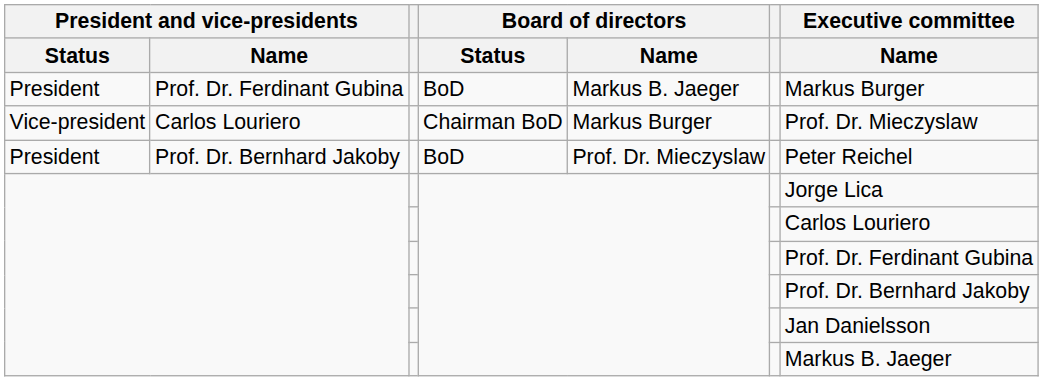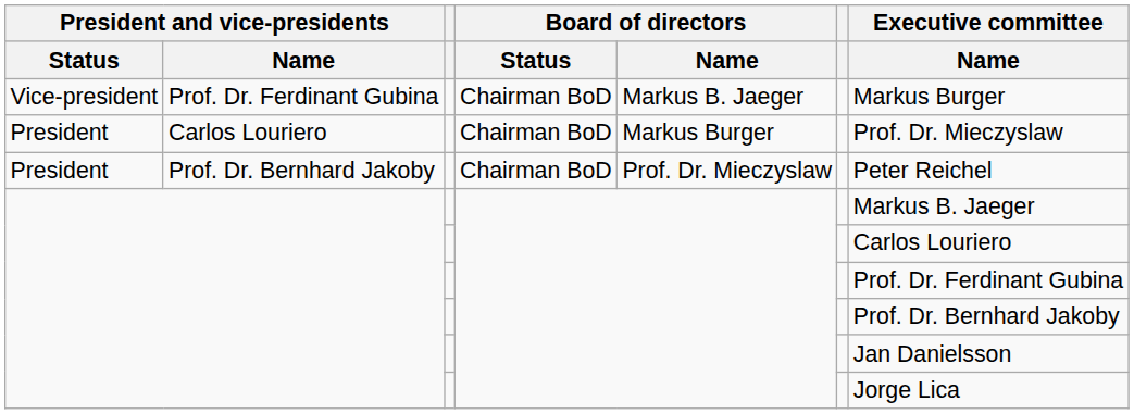 <table class="wikitable">
 <tr>
 <th colspan="2">President and vice-presidents</th>
 <th></th>
 <th colspan="2">Board of directors</th>
 <th></th>
 <th>Executive committee</th>
 </tr>
 <tr>
 <th>Status</th>
 <th>Name</th>
 <th></th>
 <th>Status</th>
 <th>Name</th>
 <th></th>
 <th>Name</th>
 </tr>
 <tr>
-<td>President</td>
+<td>Vice-president</td>
 <td>Prof. Dr. Ferdinant Gubina</td>
 <td></td>
-<td>BoD</td>
+<td>Chairman BoD</td>
 <td>Markus B. Jaeger</td>
 <td></td>
 <td>Markus Burger</td>
 </tr>
 <tr>
-<td>Vice-president</td>
+<td>President</td>
 <td>Carlos Louriero</td>
 <td></td>
 <td>Chairman BoD</td>
 <td>Markus Burger</td>
 <td></td>
 <td>Prof. Dr. Mieczyslaw</td>
 </tr>
 <tr>
 <td>President</td>
 <td>Prof. Dr. Bernhard Jakoby</td>
 <td></td>
-<td>BoD</td>
+<td>Chairman BoD</td>
 <td>Prof. Dr. Mieczyslaw</td>
 <td></td>
 <td>Peter Reichel</td>
 </tr>
 <tr>
 <td colspan="2" rowspan="6"></td>
 <td></td>
 <td colspan="2" rowspan="6"></td>
 <td></td>
-<td>Jorge Lica</td>
+<td>Markus B. Jaeger</td>
 </tr>
 <tr>
 <td></td>
 <td></td>
 <td>Carlos Louriero</td>
 </tr>
 <tr>
 <td></td>
 <td></td>
 <td>Prof. Dr. Ferdinant Gubina</td>
 </tr>
 <tr>
 <td></td>
 <td></td>
 <td>Prof. Dr. Bernhard Jakoby</td>
 </tr>
 <tr>
 <td></td>
 <td></td>
 <td>Jan Danielsson</td>
 </tr>
 <tr>
 <td></td>
 <td></td>
-<td>Markus B. Jaeger</td>
+<td>Jorge Lica</td>
 </tr>
 </table>
